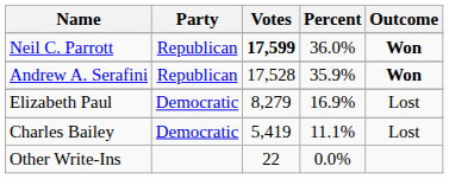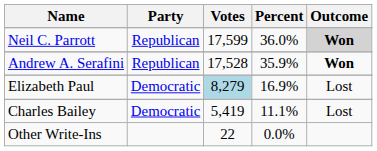 <table class=wikitable style="text-align:center">
 <tr>
 <th>Name</th>
 <th>Party</th>
 <th>Votes</th>
 <th>Percent</th>
 <th>Outcome</th>
 </tr>
 <tr>
 </tr>
 <tr>
 <td align=left><a href='#'>Neil C. Parrott</a></td>
 <td><a href='#'>Republican</a></td>
-<td><strong>17,599</strong></td>
+<td>17,599</td>
 <td>36.0%</td>
-<td><strong>Won</strong></td>
+<td style="background: lightgrey;"><strong>Won</strong></td>
 </tr>
 <tr>
 </tr>
 <tr>
 <td align=left><a href='#'>Andrew A. Serafini</a></td>
 <td><a href='#'>Republican</a></td>
 <td>17,528</td>
 <td>35.9%</td>
 <td><strong>Won</strong></td>
 </tr>
 <tr>
 </tr>
 <tr>
 <td align=left>Elizabeth Paul</td>
 <td><a href='#'>Democratic</a></td>
-<td>8,279</td>
+<td style="background: lightblue;">8,279</td>
 <td>16.9%</td>
 <td>Lost</td>
 </tr>
 <tr>
 </tr>
 <tr>
 <td align=left>Charles Bailey</td>
 <td><a href='#'>Democratic</a></td>
 <td>5,419</td>
 <td>11.1%</td>
 <td>Lost</td>
 </tr>
 <tr>
 <td align=left>Other Write-Ins</td>
 <td></td>
 <td>22</td>
 <td>0.0%</td>
 <td></td>
 </tr>
 </table>
